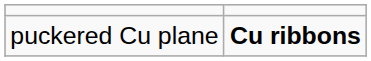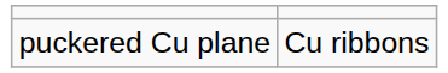 <table class="wikitable" style="margin:1em auto; text-align:center;">
 <tr>
 <td></td>
 <td></td>
 </tr>
 <tr>
 <td>puckered Cu plane</td>
-<td><strong>Cu ribbons</strong></td>
+<td>Cu ribbons</td>
 </tr>
 </table>
